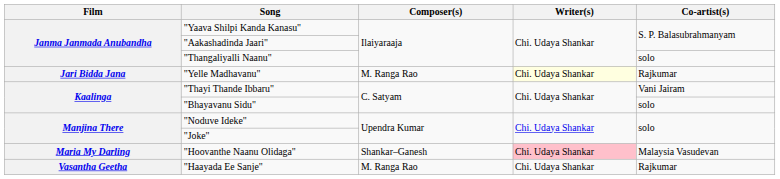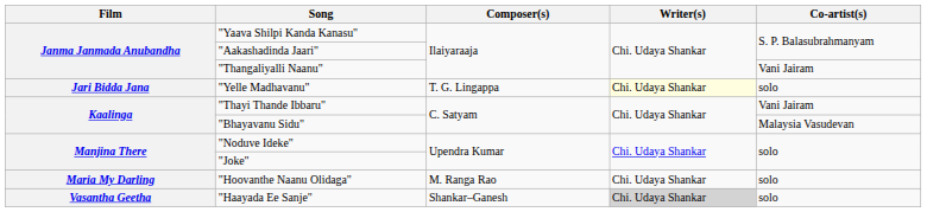 <table class="wikitable plainrowheaders" width="100%" textcolor:#000;">
 <tr style="background:#b0e0e66;">
 <th scope="col" width=23%><strong>Film</strong></th>
 <th scope="col" width=23%><strong>Song</strong></th>
 <th scope="col" width=20%><strong>Composer(s)</strong></th>
 <th scope="col" width=16%><strong>Writer(s)</strong></th>
 <th scope="col" width=18%><strong>Co-artist(s)</strong></th>
 </tr>
 <tr>
 <th Rowspan=3><em><a href='#'>Janma Janmada Anubandha</a></em></th>
 <td>"Yaava Shilpi Kanda Kanasu"</td>
 <td rowspan=3>Ilaiyaraaja</td>
 <td rowspan=3>Chi. Udaya Shankar</td>
 <td rowspan=2>S. P. Balasubrahmanyam</td>
 </tr>
 <tr>
 <td>"Aakashadinda Jaari"</td>
 </tr>
 <tr>
 <td>"Thangaliyalli Naanu"</td>
-<td>solo</td>
+<td>Vani Jairam</td>
 </tr>
 <tr>
 <th><em><a href='#'>Jari Bidda Jana</a></em></th>
 <td>"Yelle Madhavanu"</td>
-<td>M. Ranga Rao</td>
+<td>T. G. Lingappa</td>
 <td style="background: lightyellow;">Chi. Udaya Shankar</td>
-<td>Rajkumar</td>
+<td>solo</td>
 </tr>
 <tr>
 <th Rowspan=2><em><a href='#'>Kaalinga</a></em></th>
 <td>"Thayi Thande Ibbaru"</td>
 <td rowspan=2>C. Satyam</td>
 <td rowspan=2>Chi. Udaya Shankar</td>
 <td>Vani Jairam</td>
 </tr>
 <tr>
 <td>"Bhayavanu Sidu"</td>
-<td>solo</td>
+<td>Malaysia Vasudevan</td>
 </tr>
 <tr>
 <th Rowspan=2><em><a href='#'>Manjina There</a></em></th>
 <td>"Noduve Ideke"</td>
 <td rowspan=2>Upendra Kumar</td>
 <td rowspan=2><a href='#'>Chi. Udaya Shankar</a></td>
 <td rowspan=2>solo</td>
 </tr>
 <tr>
 <td>"Joke"</td>
 </tr>
 <tr>
 <th><em><a href='#'>Maria My Darling</a></em></th>
 <td>"Hoovanthe Naanu Olidaga"</td>
-<td>Shankar–Ganesh</td>
-<td style="background: pink;">Chi. Udaya Shankar</td>
-<td>Malaysia Vasudevan</td>
+<td>M. Ranga Rao</td>
+<td>Chi. Udaya Shankar</td>
+<td>solo</td>
 </tr>
 <tr>
 <th><em><a href='#'>Vasantha Geetha</a></em></th>
 <td>"Haayada Ee Sanje"</td>
-<td>M. Ranga Rao</td>
-<td>Chi. Udaya Shankar</td>
-<td>Rajkumar</td>
+<td>Shankar–Ganesh</td>
+<td style="background: lightgrey;">Chi. Udaya Shankar</td>
+<td>solo</td>
 </tr>
 </table>
